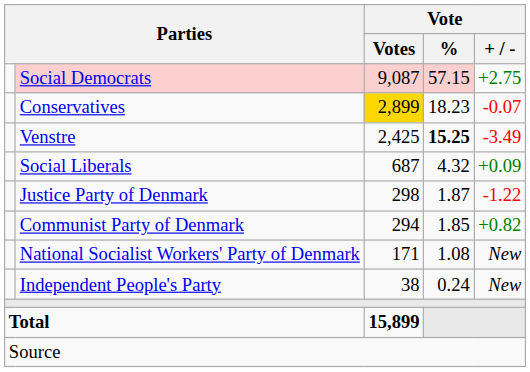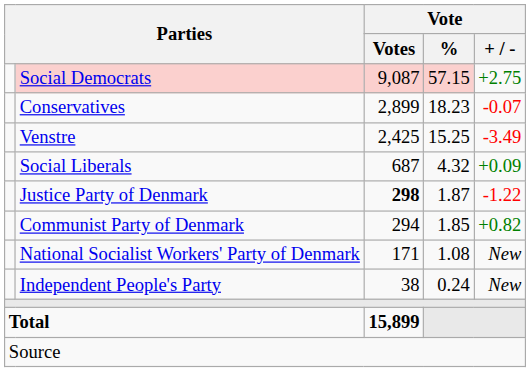 <table class="wikitable" style="text-align:right;">
 <tr>
 <th style="text-align:centre;" rowspan="2" colspan="2" width="225">Parties</th>
 <th colspan="3">Vote</th>
 </tr>
 <tr>
 <th width="15">Votes</th>
 <th width="15">%</th>
 <th width="15">+ / -</th>
 </tr>
 <tr>
 <td width="2" style="color:inherit;background:"></td>
 <td bgcolor=#fbd0ce  align="left"><a href='#'>Social Democrats</a></td>
 <td bgcolor=#fbd0ce>9,087</td>
 <td bgcolor=#fbd0ce>57.15</td>
 <td style=color:green;>+2.75</td>
 </tr>
 <tr>
 <td width="2" style="color:inherit;background:"></td>
 <td align="left"><a href='#'>Conservatives</a></td>
-<td style="background: gold;">2,899</td>
+<td>2,899</td>
 <td>18.23</td>
 <td style=color:red;>-0.07</td>
 </tr>
 <tr>
 <td width="2" style="color:inherit;background:"></td>
 <td align="left"><a href='#'>Venstre</a></td>
 <td>2,425</td>
-<td><strong>15.25</strong></td>
+<td>15.25</td>
 <td style=color:red;>-3.49</td>
 </tr>
 <tr>
 <td width="2" style="color:inherit;background:"></td>
 <td align="left"><a href='#'>Social Liberals</a></td>
 <td>687</td>
 <td>4.32</td>
 <td style=color:green;>+0.09</td>
 </tr>
 <tr>
 <td width="2" style="color:inherit;background:"></td>
 <td align="left"><a href='#'>Justice Party of Denmark</a></td>
-<td>298</td>
+<td><strong>298</strong></td>
 <td>1.87</td>
 <td style=color:red;>-1.22</td>
 </tr>
 <tr>
 <td width="2" style="color:inherit;background:"></td>
 <td align="left"><a href='#'>Communist Party of Denmark</a></td>
 <td>294</td>
 <td>1.85</td>
 <td style=color:green;>+0.82</td>
 </tr>
 <tr>
 <td width="2" style="color:inherit;background:"></td>
 <td align="left"><a href='#'>National Socialist Workers' Party of Denmark</a></td>
 <td>171</td>
 <td>1.08</td>
 <td><em>New</em></td>
 </tr>
 <tr>
 <td width="2" style="color:inherit;background:"></td>
 <td align="left"><a href='#'>Independent People's Party</a></td>
 <td>38</td>
 <td>0.24</td>
 <td><em>New</em></td>
 </tr>
 <tr>
 <td colspan="7" bgcolor="#E9E9E9"></td>
 </tr>
 <tr>
 <td align="left" colspan="2"><strong>Total</strong></td>
 <td><strong>15,899</strong></td>
 <td bgcolor="#E9E9E9" colspan="2"></td>
 </tr>
 <tr>
 <td align="left" colspan="6">Source</td>
 </tr>
 </table>
